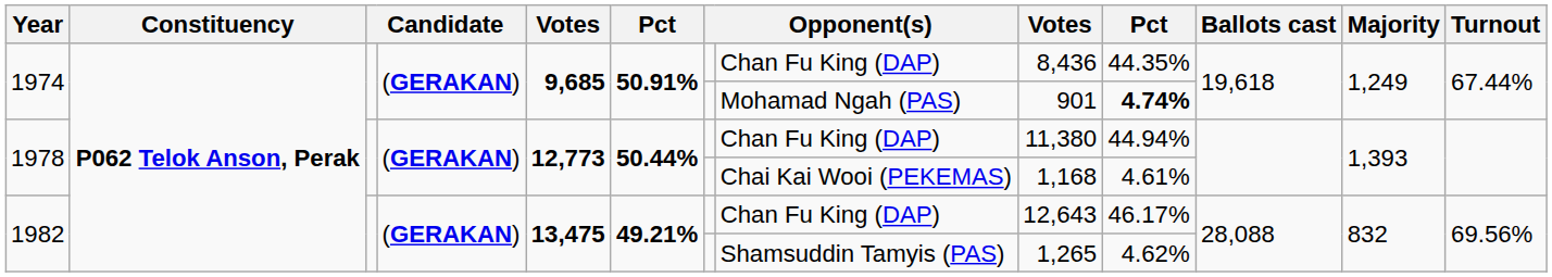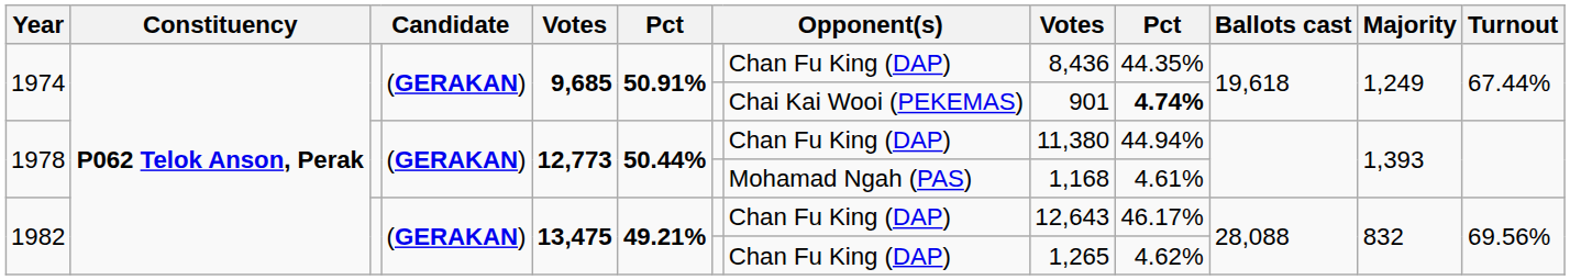 <table class="wikitable" style="margin:0.5em ; font-size:95%">
 <tr>
 <th>Year</th>
 <th>Constituency</th>
 <th colspan=2>Candidate</th>
 <th>Votes</th>
 <th>Pct</th>
 <th colspan=2>Opponent(s)</th>
 <th>Votes</th>
 <th>Pct</th>
 <th>Ballots cast</th>
 <th>Majority</th>
 <th>Turnout</th>
 </tr>
 <tr>
 <td rowspan=2>1974</td>
 <td rowspan=6><strong>P062 <a href='#'>Telok Anson</a>, Perak</strong></td>
 <td rowspan=2 ></td>
 <td rowspan=2> (<a href='#'><strong>GERAKAN</strong></a>)</td>
 <td rowspan=2 align=right><strong>9,685</strong></td>
 <td rowspan=2><strong>50.91%</strong></td>
 <td></td>
 <td>Chan Fu King (<a href='#'>DAP</a>)</td>
 <td align=right>8,436</td>
 <td>44.35%</td>
 <td rowspan=2>19,618</td>
 <td rowspan=2>1,249</td>
 <td rowspan=2>67.44%</td>
 </tr>
 <tr>
 <td></td>
-<td>Mohamad Ngah (<a href='#'>PAS</a>)</td>
+<td>Chai Kai Wooi (<a href='#'>PEKEMAS</a>)</td>
 <td align=right>901</td>
 <td align=right><strong>4.74%</strong></td>
 </tr>
 <tr>
 <td rowspan=2>1978</td>
 <td rowspan=2 ></td>
 <td rowspan=2> (<a href='#'><strong>GERAKAN</strong></a>)</td>
 <td rowspan=2><strong>12,773</strong></td>
 <td rowspan=2><strong>50.44%</strong></td>
 <td></td>
 <td>Chan Fu King (<a href='#'>DAP</a>)</td>
 <td align=right>11,380</td>
 <td>44.94%</td>
 <td rowspan=2></td>
 <td rowspan=2>1,393</td>
 <td rowspan=2></td>
 </tr>
 <tr>
 <td></td>
-<td>Chai Kai Wooi (<a href='#'>PEKEMAS</a>)</td>
+<td>Mohamad Ngah (<a href='#'>PAS</a>)</td>
 <td align=right>1,168</td>
 <td align=right>4.61%</td>
 </tr>
 <tr>
 <td rowspan=2>1982</td>
 <td rowspan=2 ></td>
 <td rowspan=2> (<a href='#'><strong>GERAKAN</strong></a>)</td>
 <td rowspan=2><strong>13,475</strong></td>
 <td rowspan=2><strong>49.21%</strong></td>
 <td></td>
 <td>Chan Fu King (<a href='#'>DAP</a>)</td>
 <td>12,643</td>
 <td>46.17%</td>
 <td rowspan=2>28,088</td>
 <td rowspan=2>832</td>
 <td rowspan=2>69.56%</td>
 </tr>
 <tr>
 <td></td>
-<td>Shamsuddin Tamyis (<a href='#'>PAS</a>)</td>
+<td>Chan Fu King (<a href='#'>DAP</a>)</td>
 <td align=right>1,265</td>
 <td align=right>4.62%</td>
 </tr>
 </table>
